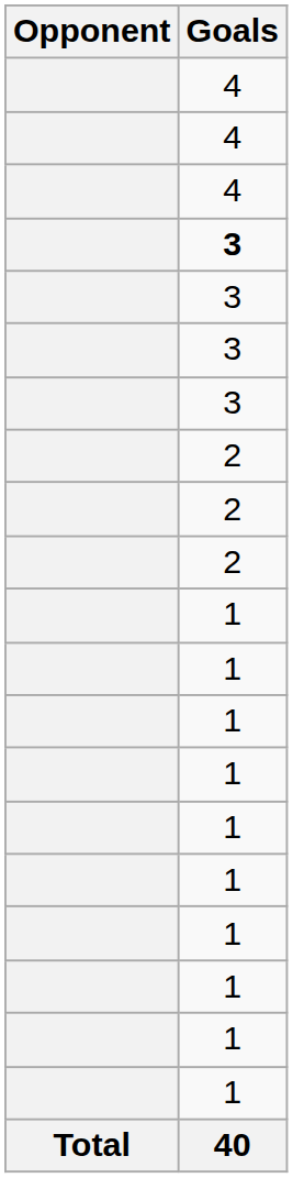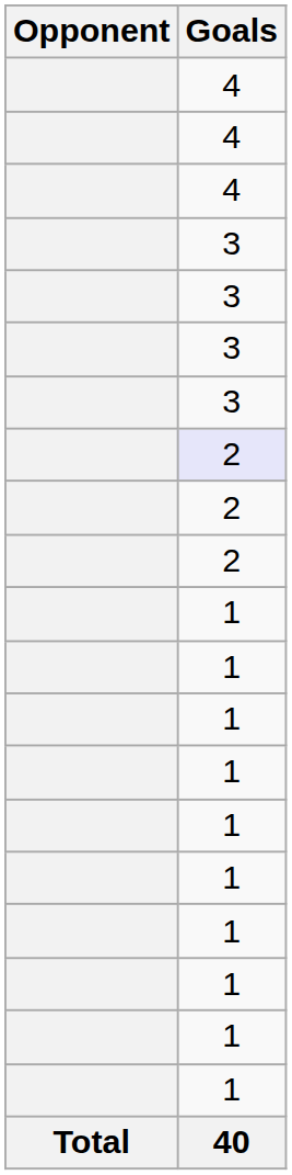 <table class="wikitable plainrowheaders sortable" style="text-align: center;">
 <tr>
 <th scope="col">Opponent</th>
 <th scope="col">Goals</th>
 </tr>
 <tr>
 <th scope="row"></th>
 <td>4</td>
 </tr>
 <tr>
 <th scope="row"></th>
 <td>4</td>
 </tr>
 <tr>
 <th scope="row"></th>
 <td>4</td>
 </tr>
 <tr>
 <th scope="row"></th>
-<td><strong>3</strong></td>
+<td>3</td>
 </tr>
 <tr>
 <th scope="row"></th>
 <td>3</td>
 </tr>
 <tr>
 <th scope="row"></th>
 <td>3</td>
 </tr>
 <tr>
 <th scope="row"></th>
 <td>3</td>
 </tr>
 <tr>
 <th scope="row"></th>
-<td>2</td>
+<td style="background: lavender;">2</td>
 </tr>
 <tr>
 <th scope="row"></th>
 <td>2</td>
 </tr>
 <tr>
 <th scope="row"></th>
 <td>2</td>
 </tr>
 <tr>
 <th scope="row"></th>
 <td>1</td>
 </tr>
 <tr>
 <th scope="row"></th>
 <td>1</td>
 </tr>
 <tr>
 <th scope="row"></th>
 <td>1</td>
 </tr>
 <tr>
 <th scope="row"></th>
 <td>1</td>
 </tr>
 <tr>
 <th scope="row"></th>
 <td>1</td>
 </tr>
 <tr>
 <th scope="row"></th>
 <td>1</td>
 </tr>
 <tr>
 <th scope="row"></th>
 <td>1</td>
 </tr>
 <tr>
 <th scope="row"></th>
 <td>1</td>
 </tr>
 <tr>
 <th scope="row"></th>
 <td>1</td>
 </tr>
 <tr>
 <th scope="row"></th>
 <td>1</td>
 </tr>
 <tr>
 <th>Total</th>
 <th>40</th>
 </tr>
 </table>
